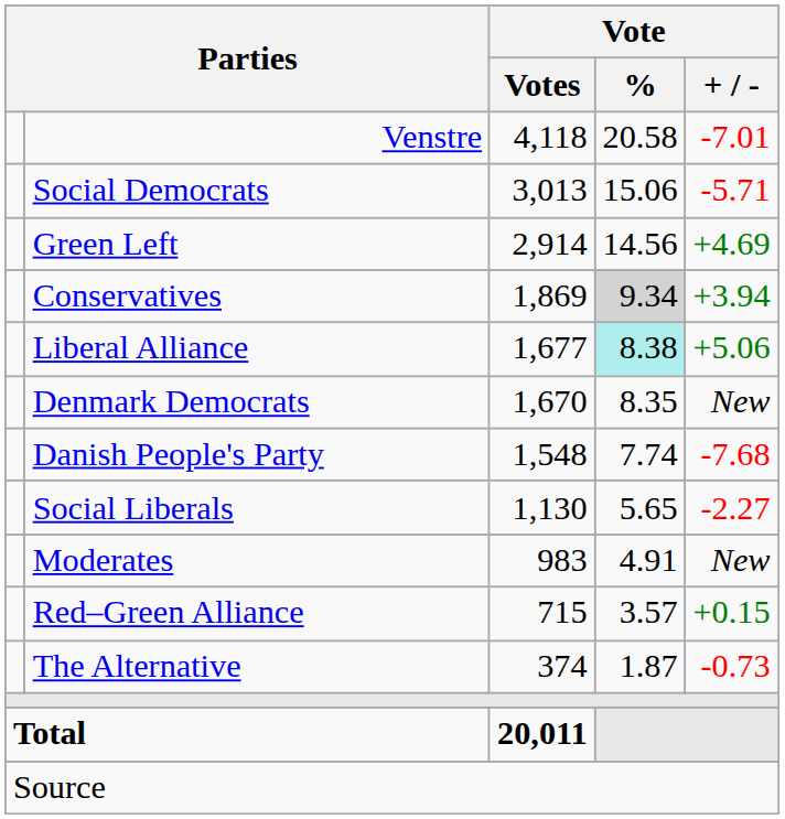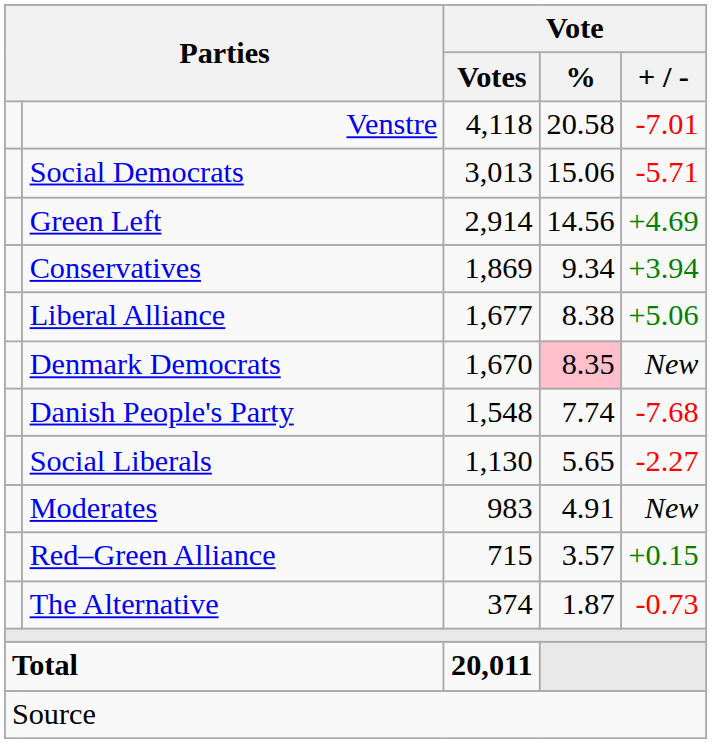 <table class="wikitable" style="text-align:right;">
 <tr>
 <th style="text-align:centre;" rowspan="2" colspan="2" width="225">Parties</th>
 <th colspan="3">Vote</th>
 </tr>
 <tr>
 <th width="15">Votes</th>
 <th width="15">%</th>
 <th width="15">+ / -</th>
 </tr>
 <tr>
 <td width=2 bgcolor=></td>
 <td><a href='#'>Venstre</a></td>
 <td>4,118</td>
 <td>20.58</td>
 <td style=color:red;>-7.01</td>
 </tr>
 <tr>
 <td width=2 bgcolor=></td>
 <td align=left><a href='#'>Social Democrats</a></td>
 <td>3,013</td>
 <td>15.06</td>
 <td style=color:red;>-5.71</td>
 </tr>
 <tr>
 <td width=2 bgcolor=></td>
 <td align=left><a href='#'>Green Left</a></td>
 <td>2,914</td>
 <td>14.56</td>
 <td style=color:green;>+4.69</td>
 </tr>
 <tr>
 <td width=2 bgcolor=></td>
 <td align=left><a href='#'>Conservatives</a></td>
 <td>1,869</td>
-<td style="background: lightgrey;">9.34</td>
+<td>9.34</td>
 <td style=color:green;>+3.94</td>
 </tr>
 <tr>
 <td width=2 bgcolor=></td>
 <td align=left><a href='#'>Liberal Alliance</a></td>
 <td>1,677</td>
-<td style="background: paleturquoise;">8.38</td>
+<td>8.38</td>
 <td style=color:green;>+5.06</td>
 </tr>
 <tr>
 <td width=2 bgcolor=></td>
 <td align=left><a href='#'>Denmark Democrats</a></td>
 <td>1,670</td>
-<td>8.35</td>
+<td style="background: pink;">8.35</td>
 <td><em>New</em></td>
 </tr>
 <tr>
 <td width=2 bgcolor=></td>
 <td align=left><a href='#'>Danish People's Party</a></td>
 <td>1,548</td>
 <td>7.74</td>
 <td style=color:red;>-7.68</td>
 </tr>
 <tr>
 <td width=2 bgcolor=></td>
 <td align=left><a href='#'>Social Liberals</a></td>
 <td>1,130</td>
 <td>5.65</td>
 <td style=color:red;>-2.27</td>
 </tr>
 <tr>
 <td width=2 bgcolor=></td>
 <td align=left><a href='#'>Moderates</a></td>
 <td>983</td>
 <td>4.91</td>
 <td><em>New</em></td>
 </tr>
 <tr>
 <td width=2 bgcolor=></td>
 <td align=left><a href='#'>Red–Green Alliance</a></td>
 <td>715</td>
 <td>3.57</td>
 <td style=color:green;>+0.15</td>
 </tr>
 <tr>
 <td width=2 bgcolor=></td>
 <td align=left><a href='#'>The Alternative</a></td>
 <td>374</td>
 <td>1.87</td>
 <td style=color:red;>-0.73</td>
 </tr>
 <tr>
 <td colspan="7" bgcolor="#E9E9E9"></td>
 </tr>
 <tr>
 <td align="left" colspan="2"><strong>Total</strong></td>
 <td><strong>20,011</strong></td>
 <td bgcolor=#E9E9E9 colspan=2></td>
 </tr>
 <tr>
 <td align="left" colspan="6">Source</td>
 </tr>
 </table>
